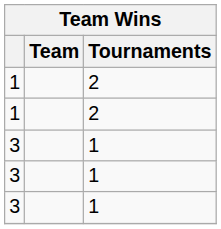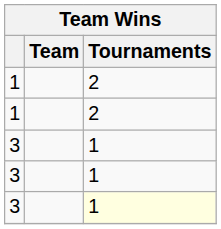 <table class="wikitable">
 <tr>
 <th colspan="3">Team Wins</th>
 </tr>
 <tr>
 <th></th>
 <th>Team</th>
 <th>Tournaments</th>
 </tr>
 <tr>
 <td>1</td>
 <td><br></td>
 <td>2</td>
 </tr>
 <tr>
 <td>1</td>
 <td><br></td>
 <td>2</td>
 </tr>
 <tr>
 <td>3</td>
 <td><br></td>
 <td>1</td>
 </tr>
 <tr>
 <td>3</td>
 <td><br></td>
 <td>1</td>
 </tr>
 <tr>
 <td>3</td>
 <td><br></td>
-<td>1</td>
+<td style="background: lightyellow;">1</td>
 </tr>
 <tr>
 </tr>
 </table>
